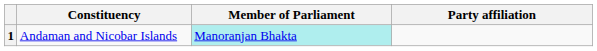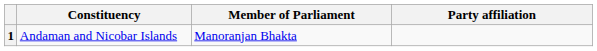 <table class="wikitable sortable">
 <tr style="text-align:center;">
 <th></th>
 <th style="width:13em">Constituency</th>
 <th style="width:15em">Member of Parliament</th>
 <th colspan="2" style="width:15em">Party affiliation</th>
 </tr>
 <tr>
 <th>1</th>
 <td><a href='#'>Andaman and Nicobar Islands</a></td>
-<td style="background: paleturquoise;"><a href='#'>Manoranjan Bhakta</a></td>
+<td><a href='#'>Manoranjan Bhakta</a></td>
 <td></td>
 </tr>
 </table>
